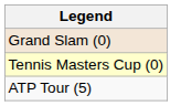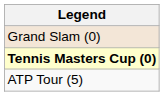 <table class="wikitable sortable mw-collapsible mw-collapsed">
 <tr>
 <th>Legend</th>
 </tr>
 <tr style="background:#f3e6d7;">
 <td>Grand Slam (0)</td>
 </tr>
 <tr style="background:#ffffcc;">
-<td>Tennis Masters Cup (0)</td>
+<td><strong>Tennis Masters Cup (0)</strong></td>
 </tr>
 <tr>
 <td>ATP Tour (5)</td>
 </tr>
 </table>
